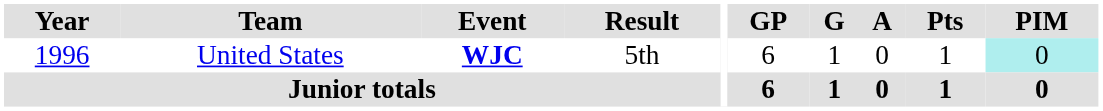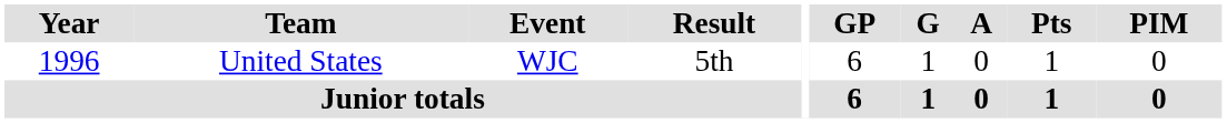 <table border="0" cellpadding="1" cellspacing="0" ID="Table3" style="text-align:center; width:40em">
 <tr ALIGN="center" bgcolor="#e0e0e0">
 <th>Year</th>
 <th>Team</th>
 <th>Event</th>
 <th>Result</th>
 <th rowspan="99" bgcolor="#ffffff"></th>
 <th>GP</th>
 <th>G</th>
 <th>A</th>
 <th>Pts</th>
 <th>PIM</th>
 </tr>
 <tr>
 <td><a href='#'>1996</a></td>
 <td><a href='#'>United States</a></td>
-<td><strong><a href='#'>WJC</a></strong></td>
+<td><a href='#'>WJC</a></td>
 <td>5th</td>
 <td>6</td>
 <td>1</td>
 <td>0</td>
 <td>1</td>
-<td style="background: paleturquoise;">0</td>
+<td>0</td>
 </tr>
 <tr bgcolor="#e0e0e0">
 <th colspan="4">Junior totals</th>
 <th>6</th>
 <th>1</th>
 <th>0</th>
 <th>1</th>
 <th>0</th>
 </tr>
 </table>
